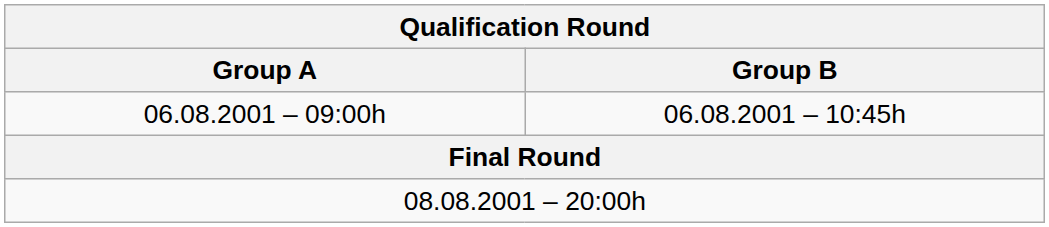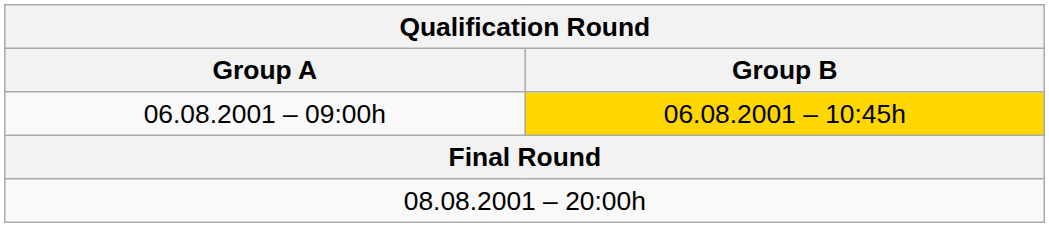 <table class="wikitable" style=" text-align:center; font-size:110%;" width="35%">
 <tr>
 <th colspan="2">Qualification Round</th>
 </tr>
 <tr>
 <th>Group A</th>
 <th>Group B</th>
 </tr>
 <tr>
 <td>06.08.2001 – 09:00h</td>
-<td>06.08.2001 – 10:45h</td>
+<td style="background: gold;">06.08.2001 – 10:45h</td>
 </tr>
 <tr>
 <th colspan="2">Final Round</th>
 </tr>
 <tr>
 <td colspan="2">08.08.2001 – 20:00h</td>
 </tr>
 </table>
